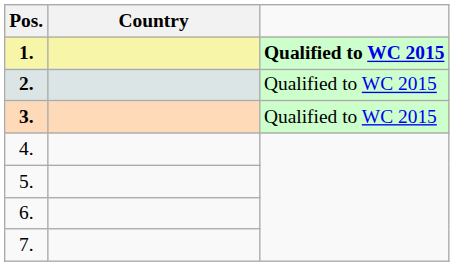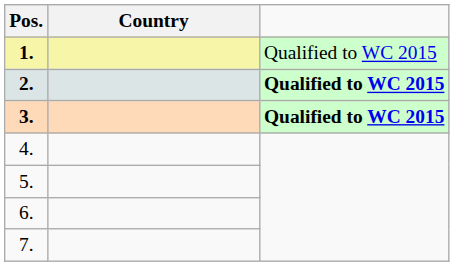 <table class="wikitable" style="border:1px solid #AAAAAA;font-size:90%">
 <tr bgcolor="#E4E4E4">
 <th style="border-bottom:1px solid #AAAAAA" width=20>Pos.</th>
 <th style="border-bottom:1px solid #AAAAAA" width=150>Country</th>
 </tr>
 <tr bgcolor="#F7F6A8">
 <td align="center"><strong>1.</strong></td>
 <td></td>
-<td bgcolor=#CCFFCC><strong>Qualified to <a href='#'>WC 2015</a></strong></td>
+<td bgcolor=#CCFFCC>Qualified to <a href='#'>WC 2015</a></td>
 </tr>
 <tr bgcolor="#DCE5E5">
 <td align="center"><strong>2.</strong></td>
 <td></td>
-<td bgcolor=#CCFFCC>Qualified to <a href='#'>WC 2015</a></td>
+<td bgcolor=#CCFFCC><strong>Qualified to <a href='#'>WC 2015</a></strong></td>
 </tr>
 <tr bgcolor="#FFDAB9">
 <td align="center"><strong>3.</strong></td>
 <td></td>
-<td bgcolor=#CCFFCC>Qualified to <a href='#'>WC 2015</a></td>
+<td bgcolor=#CCFFCC><strong>Qualified to <a href='#'>WC 2015</a></strong></td>
 </tr>
 <tr style>
 <td align="center">4.</td>
 <td></td>
 </tr>
 <tr style>
 <td align="center">5.</td>
 <td></td>
 </tr>
 <tr style>
 <td align="center">6.</td>
 <td></td>
 </tr>
 <tr style>
 <td align="center">7.</td>
 <td></td>
 </tr>
 </table>
